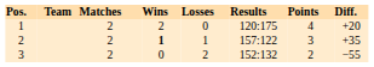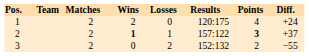 <table style="text-align:left" border="0" cellspacing="0" align="right" width="500px">
 <tr bgcolor="#FFDEAD">
 <th>Pos.</th>
 <th align="center">Team</th>
 <th>Matches</th>
 <th>Wins</th>
 <th>Losses</th>
 <th>Results</th>
 <th>Points</th>
 <th>Diff.</th>
 </tr>
 <tr bgcolor="#FFECCE" align="center">
 <td>1</td>
 <td align="left"></td>
 <td>2</td>
 <td>2</td>
 <td>0</td>
 <td>120:175</td>
 <td>4</td>
-<td>+20</td>
+<td>+24</td>
 </tr>
 <tr bgcolor="#FFECCE" align="center">
 <td>2</td>
 <td align="left"></td>
 <td>2</td>
 <td><strong>1</strong></td>
 <td>1</td>
 <td>157:122</td>
-<td>3</td>
-<td>+35</td>
+<td><strong>3</strong></td>
+<td>+37</td>
 </tr>
 <tr bgcolor="#FFECCE" align="center">
 <td>3</td>
 <td align="left"></td>
 <td>2</td>
 <td>0</td>
 <td>2</td>
 <td>152:132</td>
 <td>2</td>
 <td>−55</td>
 </tr>
 </table>
